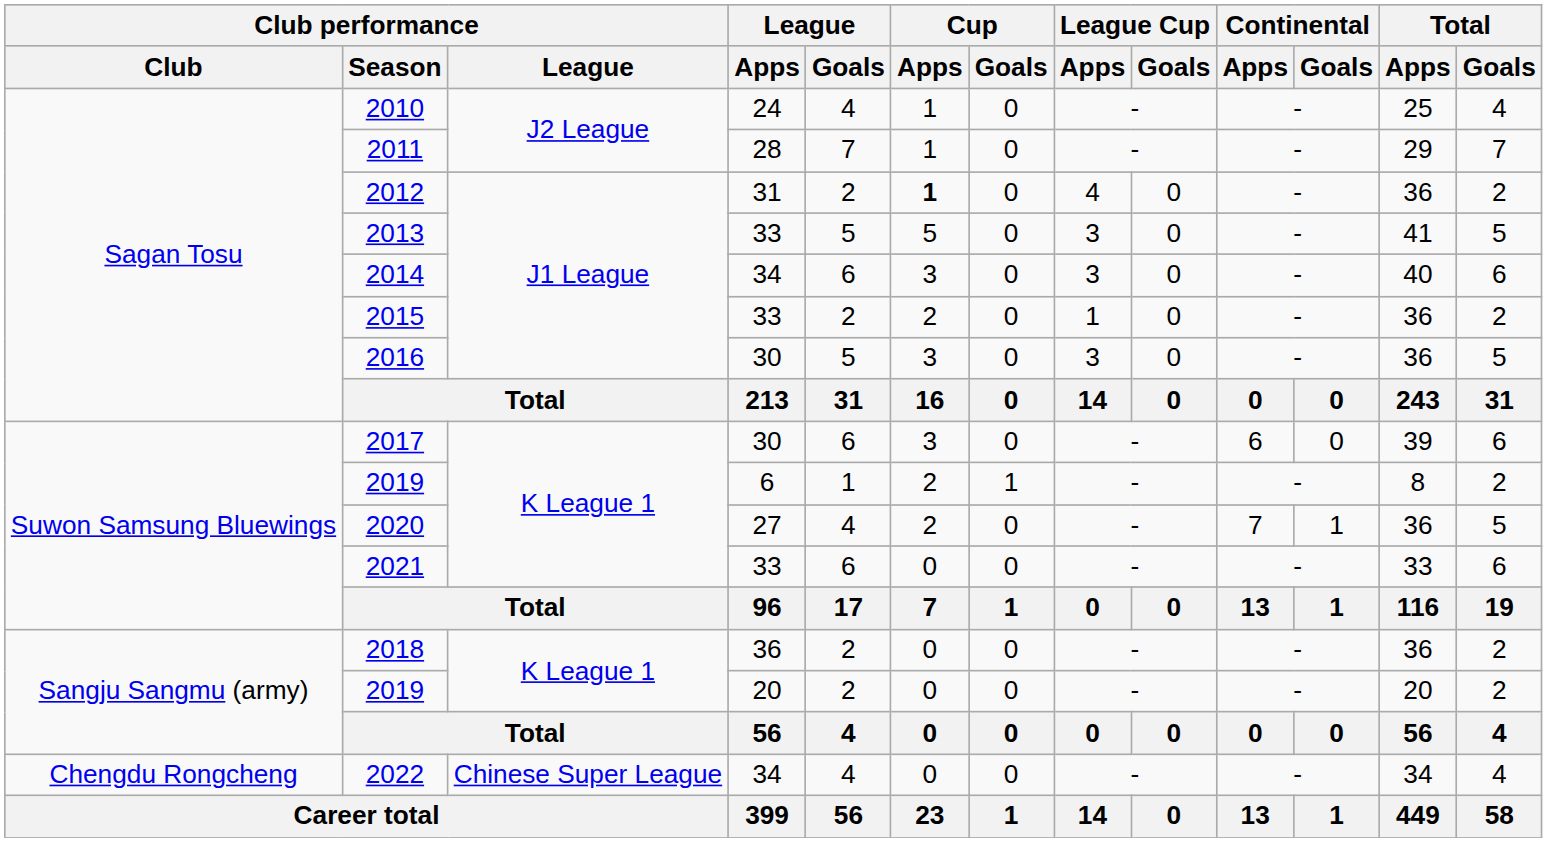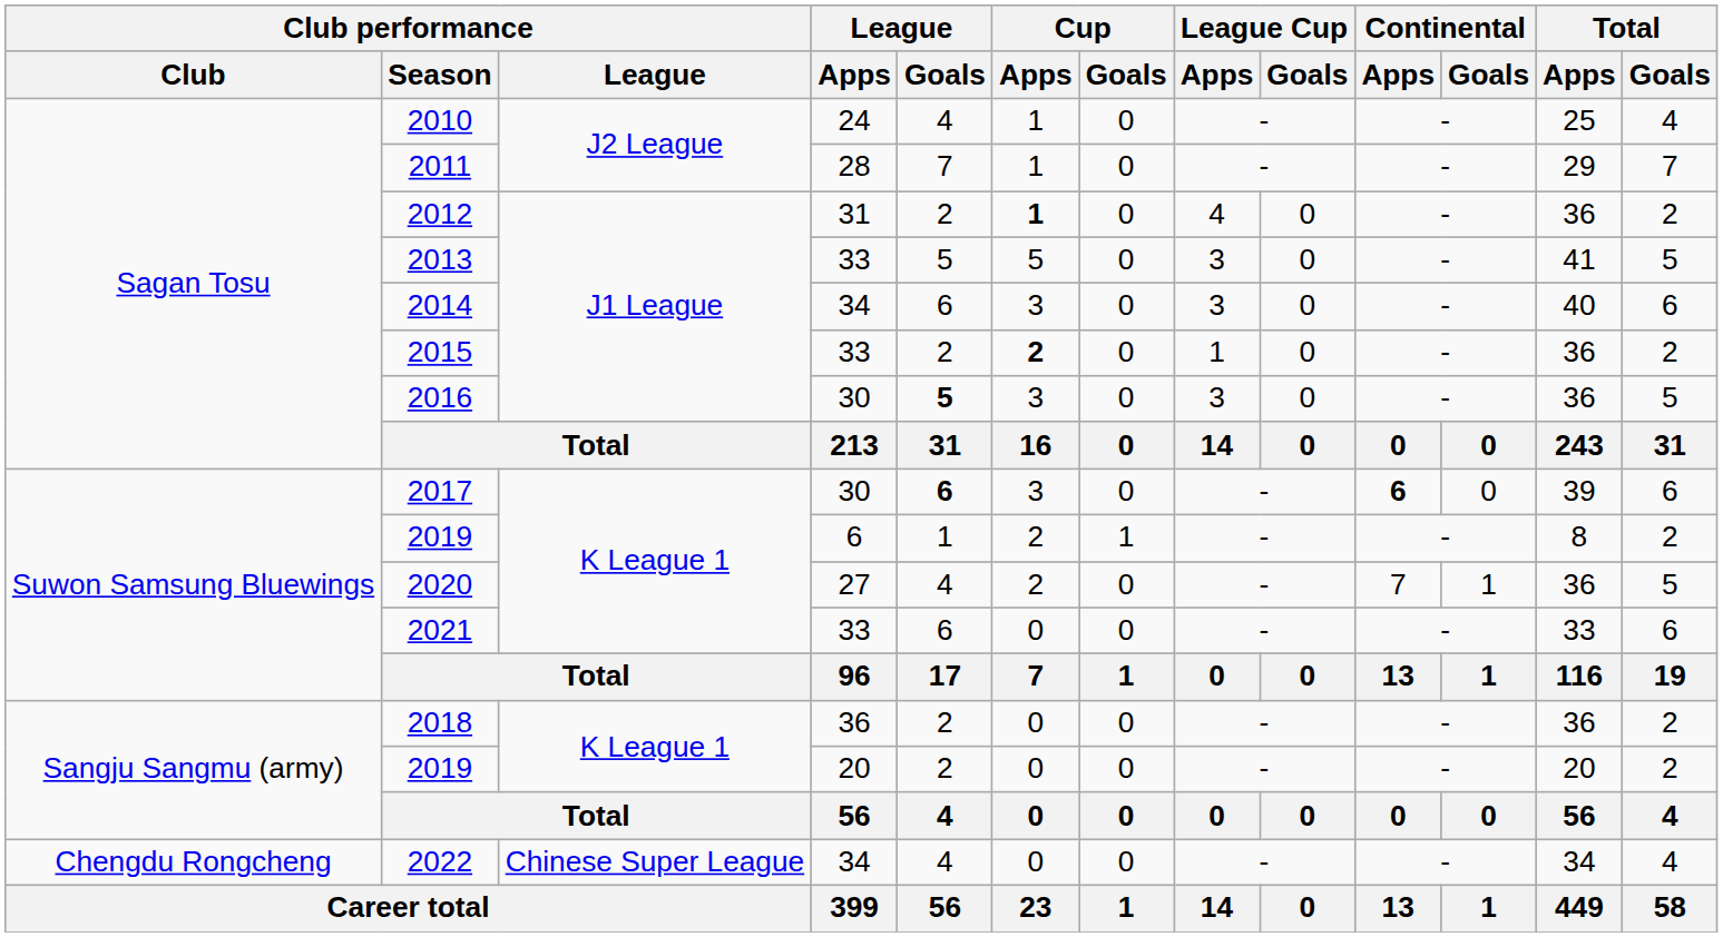 <table class="wikitable" style="text-align: center">
 <tr>
 <th colspan="3">Club performance</th>
 <th colspan="2">League</th>
 <th colspan="2">Cup</th>
 <th colspan="2">League Cup</th>
 <th colspan="2">Continental</th>
 <th colspan="2">Total</th>
 </tr>
 <tr>
 <th>Club</th>
 <th>Season</th>
 <th>League</th>
 <th>Apps</th>
 <th>Goals</th>
 <th>Apps</th>
 <th>Goals</th>
 <th>Apps</th>
 <th>Goals</th>
 <th>Apps</th>
 <th>Goals</th>
 <th>Apps</th>
 <th>Goals</th>
 </tr>
 <tr>
 <td rowspan="8"><a href='#'>Sagan Tosu</a></td>
 <td><a href='#'>2010</a></td>
 <td rowspan="2"><a href='#'>J2 League</a></td>
 <td>24</td>
 <td>4</td>
 <td>1</td>
 <td>0</td>
 <td colspan="2">-</td>
 <td colspan="2">-</td>
 <td>25</td>
 <td>4</td>
 </tr>
 <tr>
 <td><a href='#'>2011</a></td>
 <td>28</td>
 <td>7</td>
 <td>1</td>
 <td>0</td>
 <td colspan="2">-</td>
 <td colspan="2">-</td>
 <td>29</td>
 <td>7</td>
 </tr>
 <tr>
 <td><a href='#'>2012</a></td>
 <td rowspan="5"><a href='#'>J1 League</a></td>
 <td>31</td>
 <td>2</td>
 <td><strong>1</strong></td>
 <td>0</td>
 <td>4</td>
 <td>0</td>
 <td colspan="2">-</td>
 <td>36</td>
 <td>2</td>
 </tr>
 <tr>
 <td><a href='#'>2013</a></td>
 <td>33</td>
 <td>5</td>
 <td>5</td>
 <td>0</td>
 <td>3</td>
 <td>0</td>
 <td colspan="2">-</td>
 <td>41</td>
 <td>5</td>
 </tr>
 <tr>
 <td><a href='#'>2014</a></td>
 <td>34</td>
 <td>6</td>
 <td>3</td>
 <td>0</td>
 <td>3</td>
 <td>0</td>
 <td colspan="2">-</td>
 <td>40</td>
 <td>6</td>
 </tr>
 <tr>
 <td><a href='#'>2015</a></td>
 <td>33</td>
 <td>2</td>
-<td>2</td>
+<td><strong>2</strong></td>
 <td>0</td>
 <td>1</td>
 <td>0</td>
 <td colspan="2">-</td>
 <td>36</td>
 <td>2</td>
 </tr>
 <tr>
 <td><a href='#'>2016</a></td>
 <td>30</td>
-<td>5</td>
+<td><strong>5</strong></td>
 <td>3</td>
 <td>0</td>
 <td>3</td>
 <td>0</td>
 <td colspan="2">-</td>
 <td>36</td>
 <td>5</td>
 </tr>
 <tr>
 <th colspan=2>Total</th>
 <th>213</th>
 <th>31</th>
 <th>16</th>
 <th>0</th>
 <th>14</th>
 <th>0</th>
 <th>0</th>
 <th>0</th>
 <th>243</th>
 <th>31</th>
 </tr>
 <tr>
 <td rowspan=5><a href='#'>Suwon Samsung Bluewings</a></td>
 <td><a href='#'>2017</a></td>
 <td rowspan=4><a href='#'>K League 1</a></td>
 <td>30</td>
-<td>6</td>
+<td><strong>6</strong></td>
 <td>3</td>
 <td>0</td>
 <td colspan="2">-</td>
-<td>6</td>
+<td><strong>6</strong></td>
 <td>0</td>
 <td>39</td>
 <td>6</td>
 </tr>
 <tr>
 <td><a href='#'>2019</a></td>
 <td>6</td>
 <td>1</td>
 <td>2</td>
 <td>1</td>
 <td colspan="2">-</td>
 <td colspan="2">-</td>
 <td>8</td>
 <td>2</td>
 </tr>
 <tr>
 <td><a href='#'>2020</a></td>
 <td>27</td>
 <td>4</td>
 <td>2</td>
 <td>0</td>
 <td colspan="2">-</td>
 <td>7</td>
 <td>1</td>
 <td>36</td>
 <td>5</td>
 </tr>
 <tr>
 <td><a href='#'>2021</a></td>
 <td>33</td>
 <td>6</td>
 <td>0</td>
 <td>0</td>
 <td colspan="2">-</td>
 <td colspan="2">-</td>
 <td>33</td>
 <td>6</td>
 </tr>
 <tr>
 <th colspan=2>Total</th>
 <th>96</th>
 <th>17</th>
 <th>7</th>
 <th>1</th>
 <th>0</th>
 <th>0</th>
 <th>13</th>
 <th>1</th>
 <th>116</th>
 <th>19</th>
 </tr>
 <tr>
 <td rowspan="3"><a href='#'>Sangju Sangmu</a> (army)</td>
 <td><a href='#'>2018</a></td>
 <td rowspan=2><a href='#'>K League 1</a></td>
 <td>36</td>
 <td>2</td>
 <td>0</td>
 <td>0</td>
 <td colspan="2">-</td>
 <td colspan="2">-</td>
 <td>36</td>
 <td>2</td>
 </tr>
 <tr>
 <td><a href='#'>2019</a></td>
 <td>20</td>
 <td>2</td>
 <td>0</td>
 <td>0</td>
 <td colspan="2">-</td>
 <td colspan="2">-</td>
 <td>20</td>
 <td>2</td>
 </tr>
 <tr>
 <th colspan=2>Total</th>
 <th>56</th>
 <th>4</th>
 <th>0</th>
 <th>0</th>
 <th>0</th>
 <th>0</th>
 <th>0</th>
 <th>0</th>
 <th>56</th>
 <th>4</th>
 </tr>
 <tr>
 <td><a href='#'>Chengdu Rongcheng</a></td>
 <td><a href='#'>2022</a></td>
 <td><a href='#'>Chinese Super League</a></td>
 <td>34</td>
 <td>4</td>
 <td>0</td>
 <td>0</td>
 <td colspan="2">-</td>
 <td colspan="2">-</td>
 <td>34</td>
 <td>4</td>
 </tr>
 <tr>
 <th colspan=3>Career total</th>
 <th>399</th>
 <th>56</th>
 <th>23</th>
 <th>1</th>
 <th>14</th>
 <th>0</th>
 <th>13</th>
 <th>1</th>
 <th>449</th>
 <th>58</th>
 </tr>
 </table>
